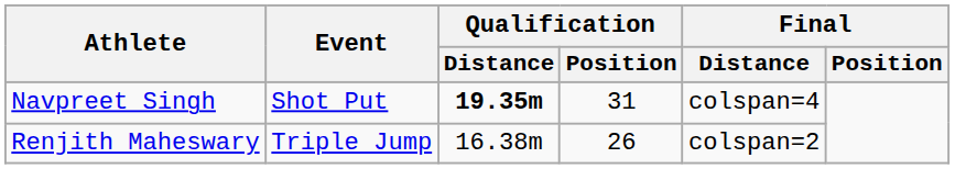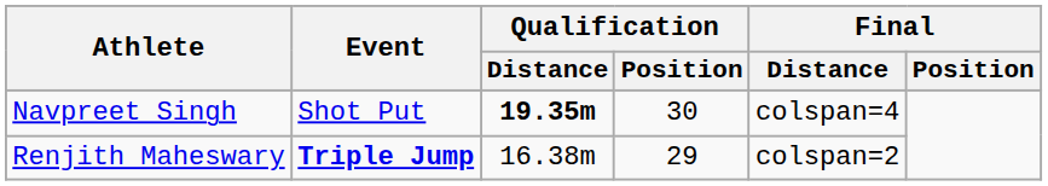 <table class="wikitable" style="font-size:90%">
 <tr>
 <th rowspan="2">Athlete</th>
 <th rowspan="2">Event</th>
 <th colspan="2">Qualification</th>
 <th colspan="2">Final</th>
 </tr>
 <tr style="font-size:95%">
 <th>Distance</th>
 <th>Position</th>
 <th>Distance</th>
 <th>Position</th>
 </tr>
 <tr style=text-align:center>
 <td style=text-align:left><a href='#'>Navpreet Singh</a></td>
 <td style="text-align:left"><a href='#'>Shot Put</a></td>
 <td><strong>19.35m</strong></td>
-<td>31</td>
+<td>30</td>
 <td>colspan=4 </td>
 </tr>
 <tr style=text-align:center>
 <td style=text-align:left><a href='#'>Renjith Maheswary</a></td>
-<td style="text-align:left"><a href='#'>Triple Jump</a></td>
+<td style="text-align:left"><strong><a href='#'>Triple Jump</a></strong></td>
 <td>16.38m</td>
-<td>26</td>
+<td>29</td>
 <td>colspan=2 </td>
 </tr>
 </table>
